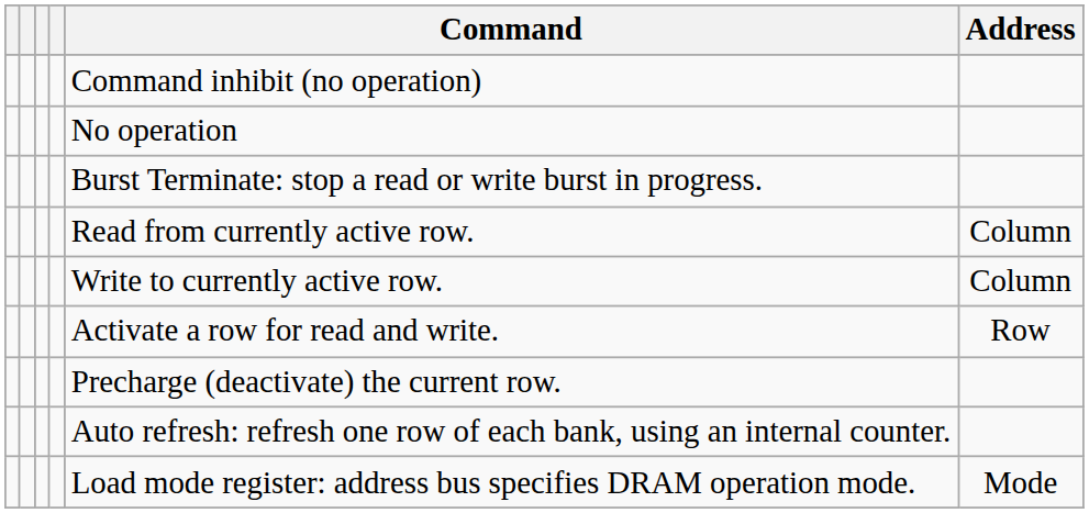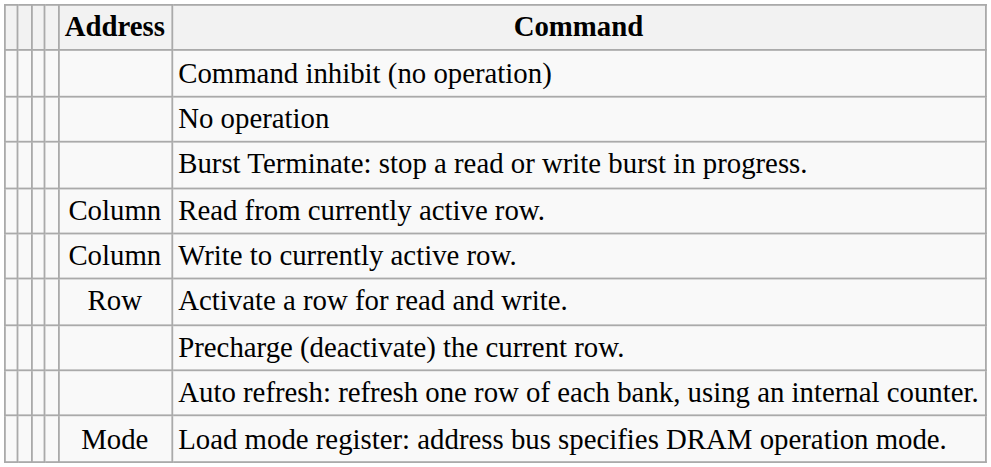 <table class="wikitable">
 <tr>
 <th></th>
 <th></th>
 <th></th>
 <th></th>
+<th>Address</th>
 <th>Command</th>
-<th>Address</th>
 </tr>
 <tr>
 <td></td>
 <td></td>
 <td></td>
 <td></td>
+<td></td>
 <td>Command inhibit (no operation)</td>
-<td></td>
 </tr>
 <tr>
 <td></td>
 <td></td>
 <td></td>
 <td></td>
+<td></td>
 <td>No operation</td>
-<td></td>
 </tr>
 <tr>
 <td></td>
 <td></td>
 <td></td>
 <td></td>
+<td></td>
 <td>Burst Terminate: stop a read or write burst in progress.</td>
-<td></td>
 </tr>
 <tr>
 <td></td>
 <td></td>
 <td></td>
 <td></td>
+<td style="text-align:center;">Column</td>
 <td>Read from currently active row.</td>
-<td style="text-align:center;">Column</td>
 </tr>
 <tr>
 <td></td>
 <td></td>
 <td></td>
 <td></td>
+<td style="text-align:center;">Column</td>
 <td>Write to currently active row.</td>
-<td style="text-align:center;">Column</td>
 </tr>
 <tr>
 <td></td>
 <td></td>
 <td></td>
 <td></td>
+<td style="text-align:center;">Row</td>
 <td>Activate a row for read and write.</td>
-<td style="text-align:center;">Row</td>
 </tr>
 <tr>
 <td></td>
 <td></td>
 <td></td>
 <td></td>
+<td></td>
 <td>Precharge (deactivate) the current row.</td>
-<td></td>
 </tr>
 <tr>
 <td></td>
 <td></td>
 <td></td>
 <td></td>
+<td></td>
 <td>Auto refresh: refresh one row of each bank, using an internal counter.</td>
-<td></td>
 </tr>
 <tr>
 <td></td>
 <td></td>
 <td></td>
 <td></td>
+<td style="text-align:center;">Mode</td>
 <td>Load mode register: address bus specifies DRAM operation mode.</td>
-<td style="text-align:center;">Mode</td>
 </tr>
 </table>
